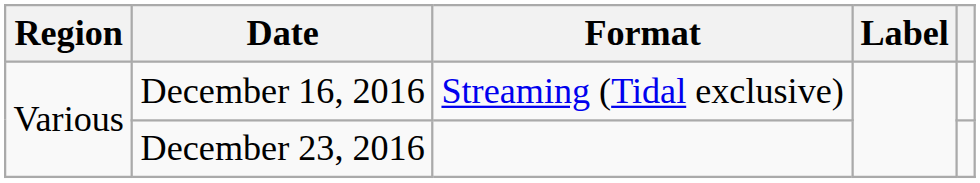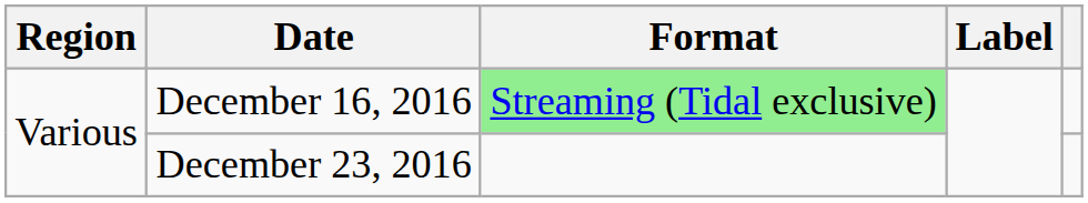 <table class="wikitable plainrowheaders">
 <tr>
 <th scope="col">Region</th>
 <th scope="col">Date</th>
 <th scope="col">Format</th>
 <th scope="col">Label</th>
 <th scope="col"></th>
 </tr>
 <tr>
 <td rowspan="2">Various</td>
 <td>December 16, 2016</td>
-<td><a href='#'>Streaming</a> (<a href='#'>Tidal</a> exclusive)</td>
+<td style="background: lightgreen;"><a href='#'>Streaming</a> (<a href='#'>Tidal</a> exclusive)</td>
 <td rowspan="2"></td>
 <td style="text-align:center;"></td>
 </tr>
 <tr>
 <td>December 23, 2016</td>
 <td></td>
 <td style="text-align:center;"></td>
 </tr>
 </table>
